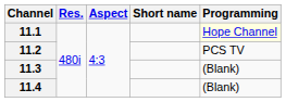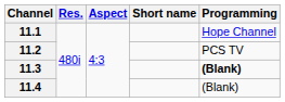 <table class="wikitable">
 <tr>
 <th scope = "col">Channel</th>
 <th scope = "col"><a href='#'>Res.</a></th>
 <th scope = "col"><a href='#'>Aspect</a></th>
 <th scope = "col">Short name</th>
 <th scope = "col">Programming</th>
 </tr>
 <tr>
 <th scope = "row">11.1</th>
 <td rowspan=4><a href='#'>480i</a></td>
 <td rowspan=4><a href='#'>4:3</a></td>
 <td></td>
-<td style="background: lightyellow;"><a href='#'>Hope Channel</a></td>
+<td><a href='#'>Hope Channel</a></td>
 </tr>
 <tr>
 <th scope = "row">11.2</th>
 <td></td>
 <td>PCS TV</td>
 </tr>
 <tr>
 <th scope = "row">11.3</th>
 <td></td>
-<td>(Blank)</td>
+<td><strong>(Blank)</strong></td>
 </tr>
 <tr>
 <th scope = "row">11.4</th>
 <td></td>
 <td>(Blank)</td>
 </tr>
 </table>
